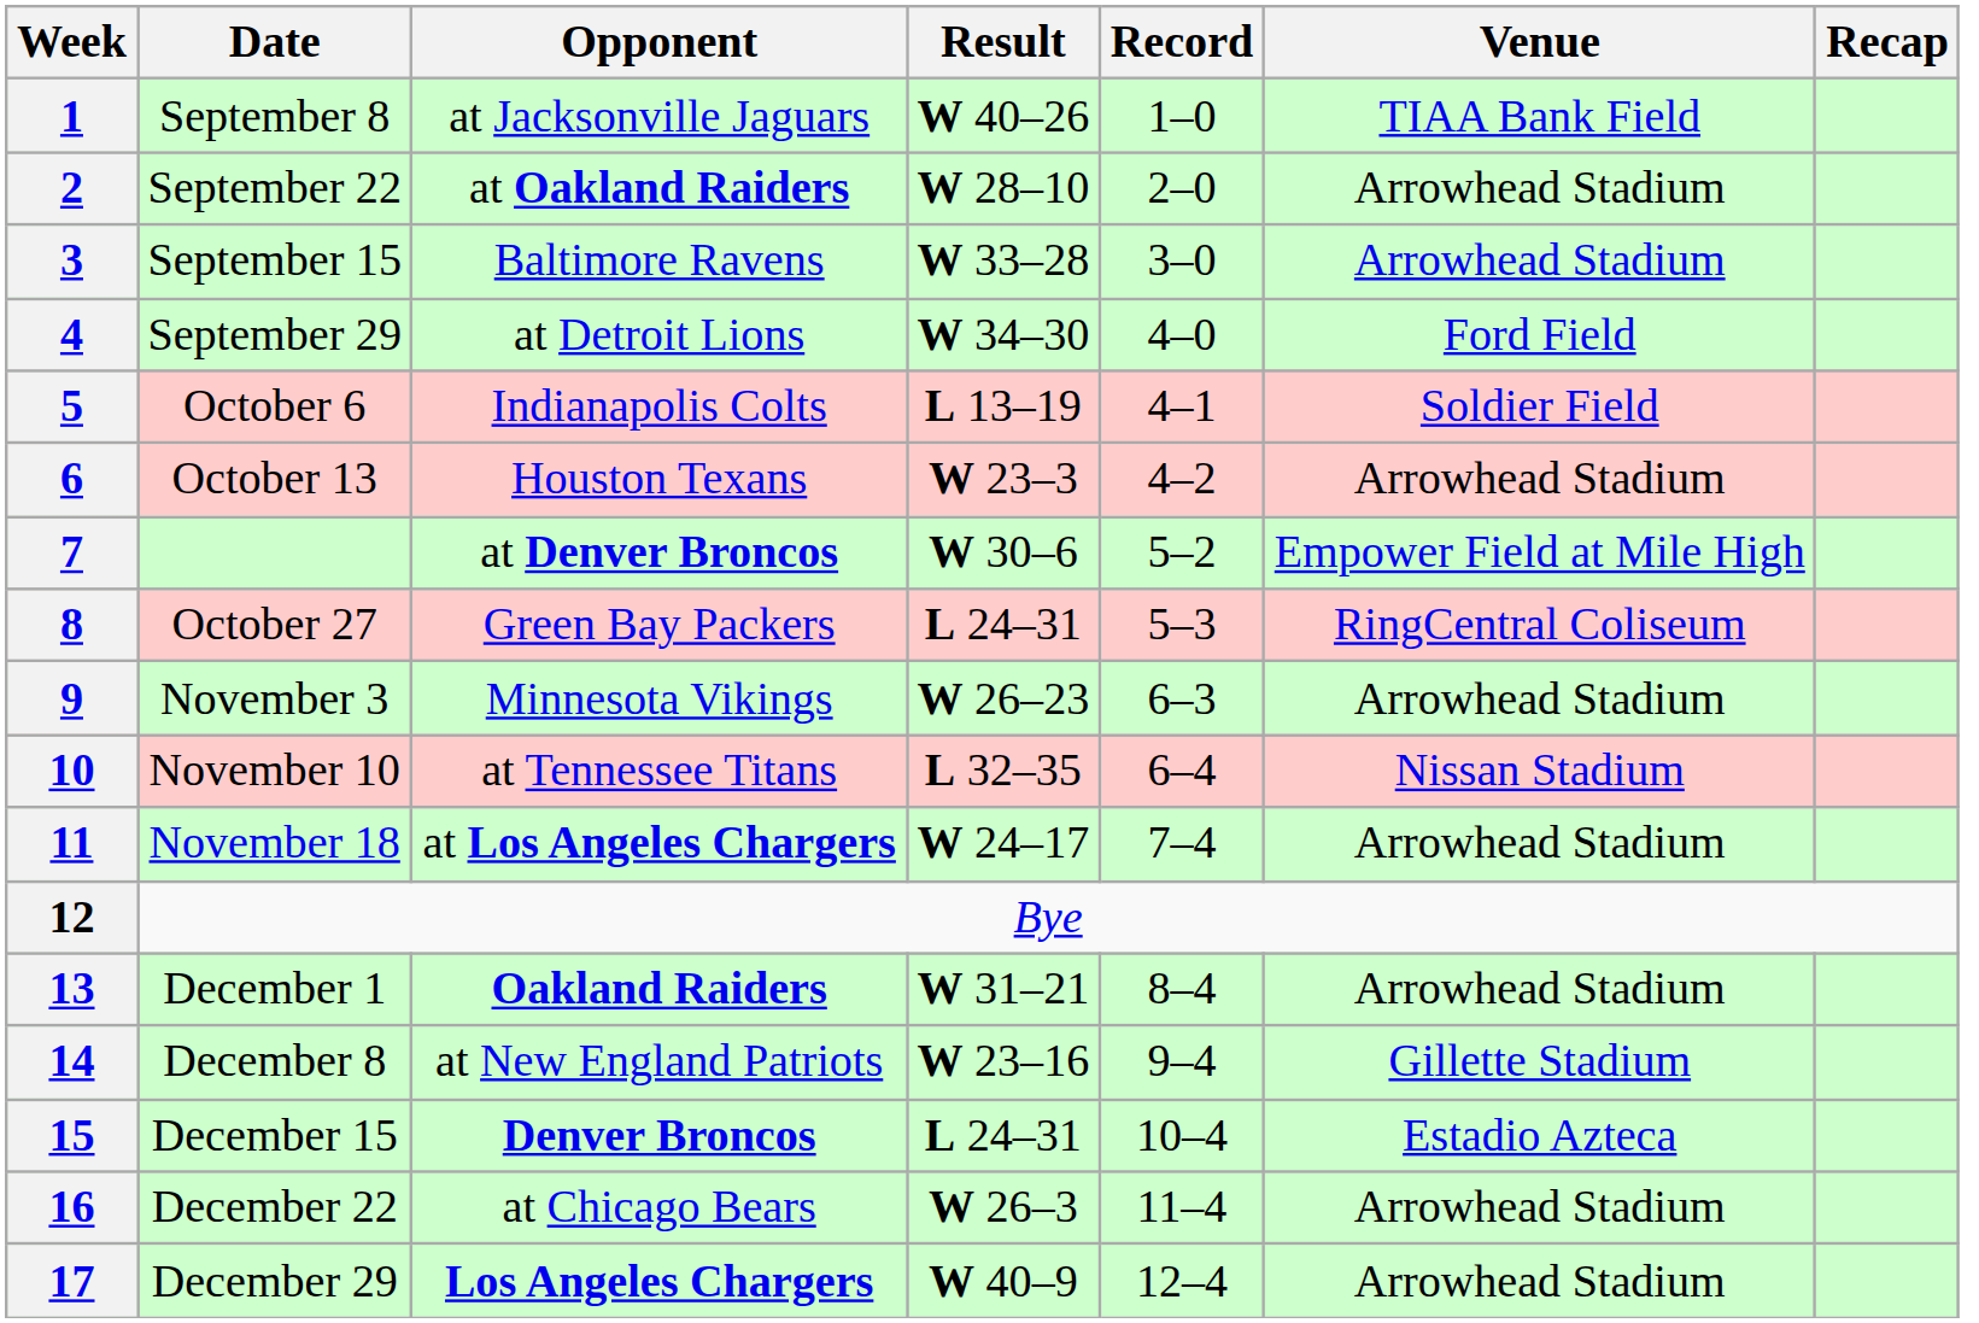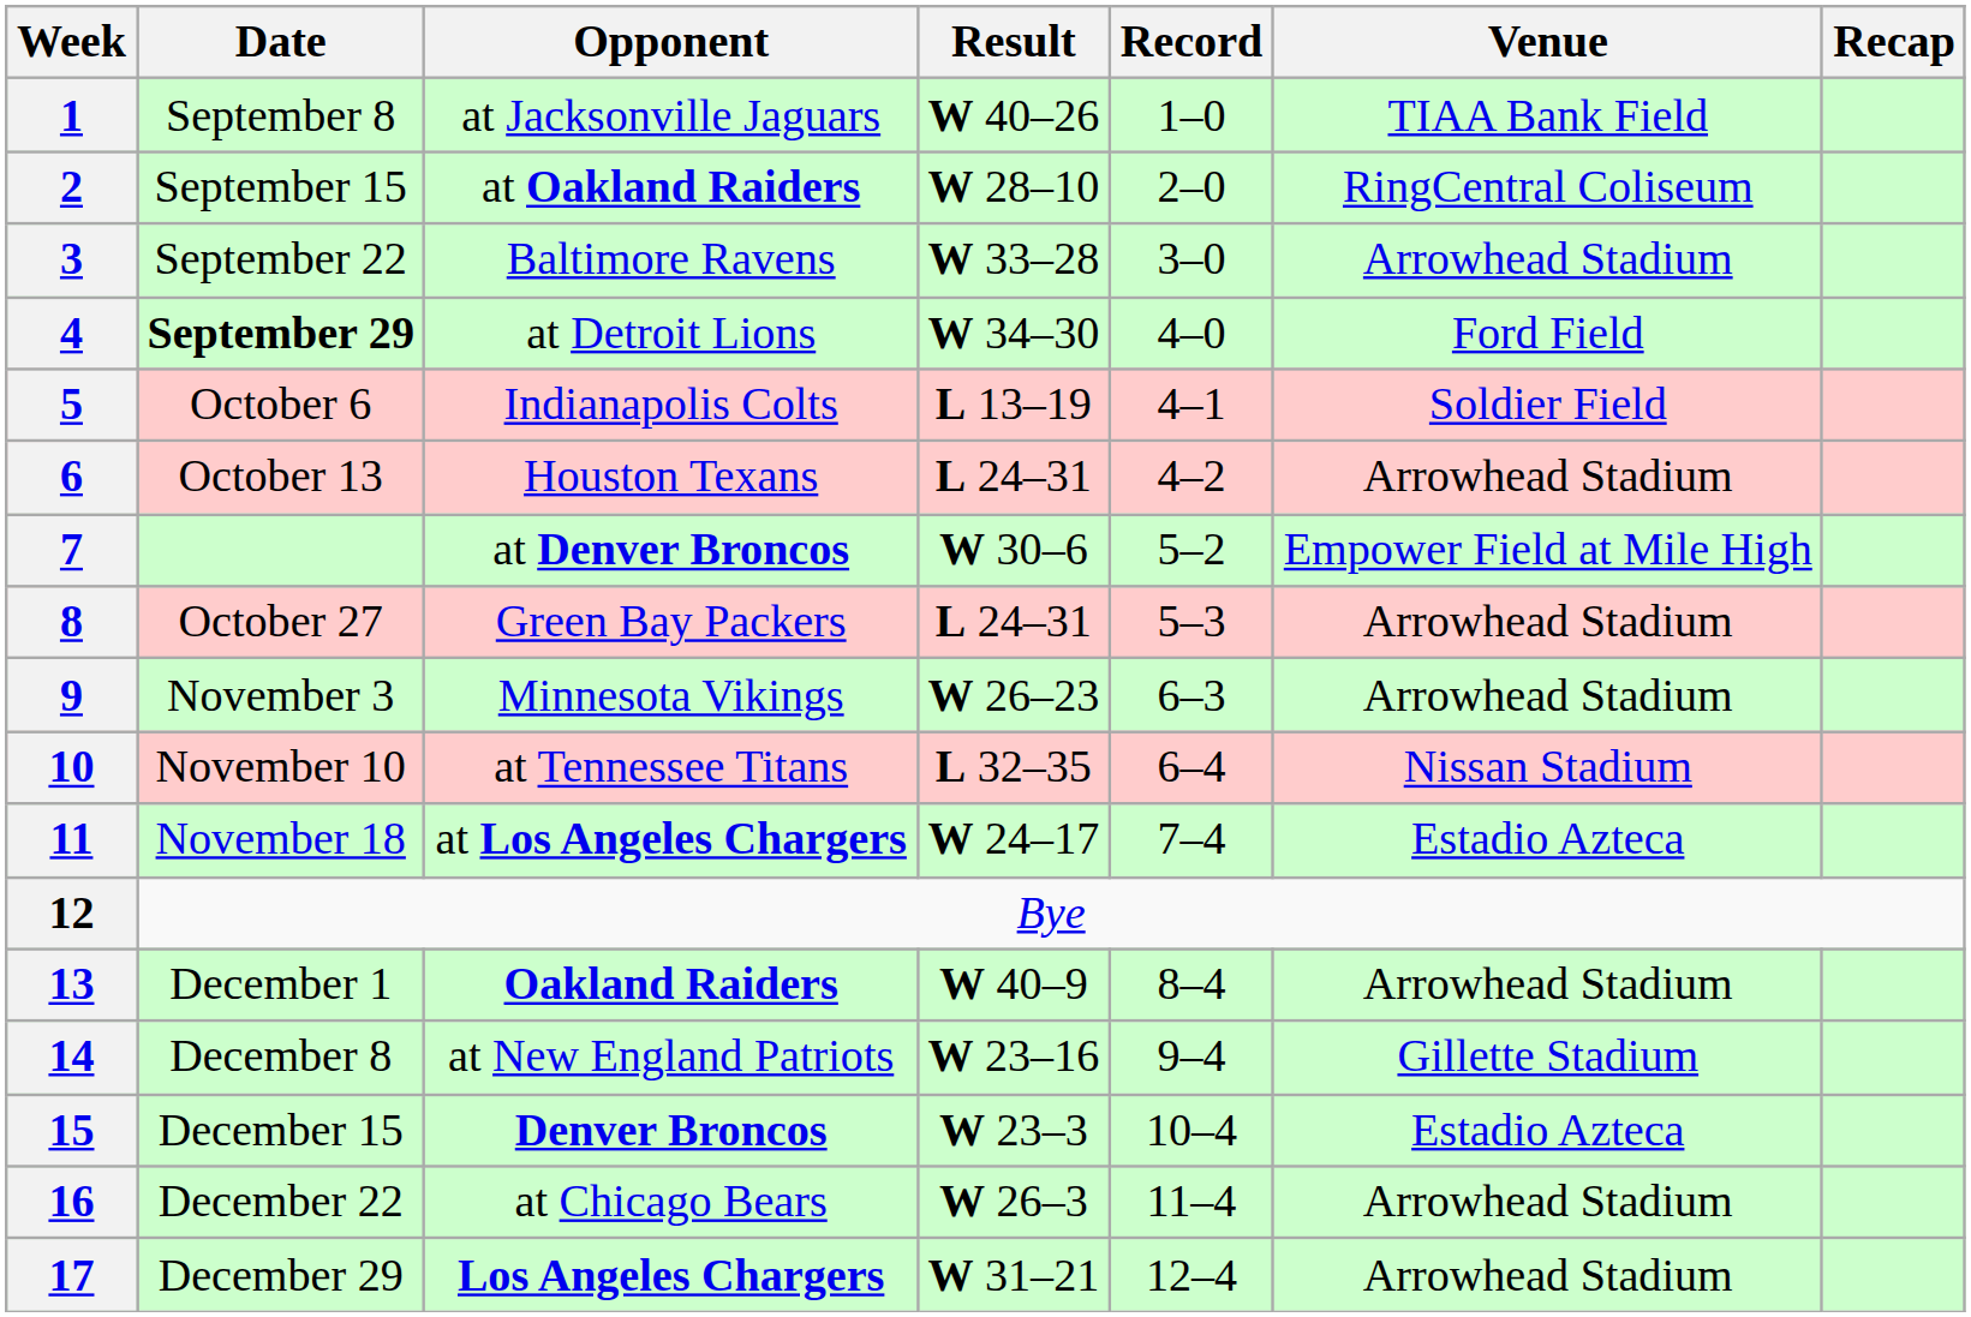 <table class="wikitable" style="text-align:center">
 <tr>
 <th>Week</th>
 <th>Date</th>
 <th>Opponent</th>
 <th>Result</th>
 <th>Record</th>
 <th>Venue</th>
 <th>Recap</th>
 </tr>
 <tr style="background:#cfc">
 <th><a href='#'>1</a></th>
 <td>September 8</td>
 <td>at <a href='#'>Jacksonville Jaguars</a></td>
 <td><strong>W</strong> 40–26</td>
 <td>1–0</td>
 <td><a href='#'>TIAA Bank Field</a></td>
 <td></td>
 </tr>
 <tr style="background:#cfc">
 <th><a href='#'>2</a></th>
-<td>September 22</td>
+<td>September 15</td>
 <td>at <strong><a href='#'>Oakland Raiders</a></strong></td>
 <td><strong>W</strong> 28–10</td>
 <td>2–0</td>
-<td>Arrowhead Stadium</td>
+<td><a href='#'>RingCentral Coliseum</a></td>
 <td></td>
 </tr>
 <tr style="background:#cfc">
 <th><a href='#'>3</a></th>
-<td>September 15</td>
+<td>September 22</td>
 <td><a href='#'>Baltimore Ravens</a></td>
 <td><strong>W</strong> 33–28</td>
 <td>3–0</td>
 <td><a href='#'>Arrowhead Stadium</a></td>
 <td></td>
 </tr>
 <tr style="background:#cfc">
 <th><a href='#'>4</a></th>
-<td>September 29</td>
+<td><strong>September 29</strong></td>
 <td>at <a href='#'>Detroit Lions</a></td>
 <td><strong>W</strong> 34–30</td>
 <td>4–0</td>
 <td><a href='#'>Ford Field</a></td>
 <td></td>
 </tr>
 <tr style="background:#fcc">
 <th><a href='#'>5</a></th>
 <td>October 6</td>
 <td><a href='#'>Indianapolis Colts</a></td>
 <td><strong>L</strong> 13–19</td>
 <td>4–1</td>
 <td><a href='#'>Soldier Field</a></td>
 <td></td>
 </tr>
 <tr style="background:#fcc">
 <th><a href='#'>6</a></th>
 <td>October 13</td>
 <td><a href='#'>Houston Texans</a></td>
-<td><strong>W</strong> 23–3</td>
+<td><strong>L</strong> 24–31</td>
 <td>4–2</td>
 <td>Arrowhead Stadium</td>
 <td></td>
 </tr>
 <tr style="background:#cfc">
 <th><a href='#'>7</a></th>
 <td></td>
 <td>at <strong><a href='#'>Denver Broncos</a></strong></td>
 <td><strong>W</strong> 30–6</td>
 <td>5–2</td>
 <td><a href='#'>Empower Field at Mile High</a></td>
 <td></td>
 </tr>
 <tr style="background:#fcc">
 <th><a href='#'>8</a></th>
 <td>October 27</td>
 <td><a href='#'>Green Bay Packers</a></td>
 <td><strong>L</strong> 24–31</td>
 <td>5–3</td>
-<td><a href='#'>RingCentral Coliseum</a></td>
+<td>Arrowhead Stadium</td>
 <td></td>
 </tr>
 <tr style="background:#cfc">
 <th><a href='#'>9</a></th>
 <td>November 3</td>
 <td><a href='#'>Minnesota Vikings</a></td>
 <td><strong>W</strong> 26–23</td>
 <td>6–3</td>
 <td>Arrowhead Stadium</td>
 <td></td>
 </tr>
 <tr style="background:#fcc">
 <th><a href='#'>10</a></th>
 <td>November 10</td>
 <td>at <a href='#'>Tennessee Titans</a></td>
 <td><strong>L</strong> 32–35</td>
 <td>6–4</td>
 <td><a href='#'>Nissan Stadium</a></td>
 <td></td>
 </tr>
 <tr style="background:#cfc">
 <th><a href='#'>11</a></th>
 <td><a href='#'>November 18</a></td>
 <td>at <strong><a href='#'>Los Angeles Chargers</a></strong></td>
 <td><strong>W</strong> 24–17</td>
 <td>7–4</td>
-<td>Arrowhead Stadium</td>
+<td> <a href='#'>Estadio Azteca</a> </td>
 <td></td>
 </tr>
 <tr>
 <th>12</th>
 <td colspan="6"><em><a href='#'>Bye</a></em></td>
 </tr>
 <tr style="background:#cfc">
 <th><a href='#'>13</a></th>
 <td>December 1</td>
 <td><strong><a href='#'>Oakland Raiders</a></strong></td>
-<td><strong>W</strong> 31–21</td>
+<td><strong>W</strong> 40–9</td>
 <td>8–4</td>
 <td>Arrowhead Stadium</td>
 <td></td>
 </tr>
 <tr style="background:#cfc">
 <th><a href='#'>14</a></th>
 <td>December 8</td>
 <td>at <a href='#'>New England Patriots</a></td>
 <td><strong>W</strong> 23–16</td>
 <td>9–4</td>
 <td><a href='#'>Gillette Stadium</a></td>
 <td></td>
 </tr>
 <tr style="background:#cfc">
 <th><a href='#'>15</a></th>
 <td>December 15</td>
 <td><strong><a href='#'>Denver Broncos</a></strong></td>
-<td><strong>L</strong> 24–31</td>
+<td><strong>W</strong> 23–3</td>
 <td>10–4</td>
 <td> <a href='#'>Estadio Azteca</a> </td>
 <td></td>
 </tr>
 <tr style="background:#cfc">
 <th><a href='#'>16</a></th>
 <td>December 22</td>
 <td>at <a href='#'>Chicago Bears</a></td>
 <td><strong>W</strong> 26–3</td>
 <td>11–4</td>
 <td>Arrowhead Stadium</td>
 <td></td>
 </tr>
 <tr style="background:#cfc">
 <th><a href='#'>17</a></th>
 <td>December 29</td>
 <td><strong><a href='#'>Los Angeles Chargers</a></strong></td>
-<td><strong>W</strong> 40–9</td>
+<td><strong>W</strong> 31–21</td>
 <td>12–4</td>
 <td>Arrowhead Stadium</td>
 <td></td>
 </tr>
 </table>
